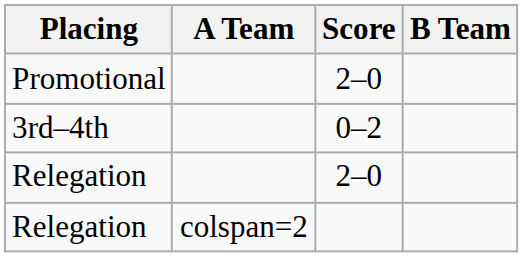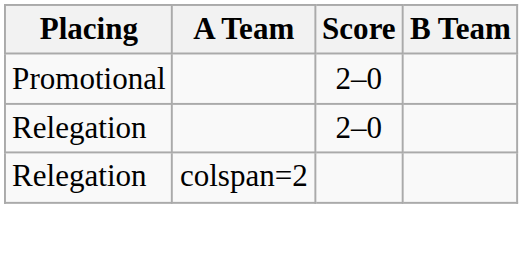 <table class=wikitable style="border:1px solid #AAAAAA;">
 <tr>
 <th>Placing</th>
 <th>A Team</th>
 <th>Score</th>
 <th>B Team</th>
 </tr>
 <tr>
 <td>Promotional</td>
 <td><strong></strong></td>
 <td align="center">2–0</td>
 <td></td>
 </tr>
 <tr>
-<td>3rd–4th</td>
-<td></td>
-<td align="center">0–2</td>
-<td><strong></strong></td>
-</tr>
-<tr>
 <td>Relegation</td>
 <td><strong></strong></td>
 <td align="center">2–0</td>
 <td><em></em></td>
 </tr>
 <tr>
 <td>Relegation</td>
 <td>colspan=2 </td>
 <td><em></em></td>
 </tr>
 </table>
